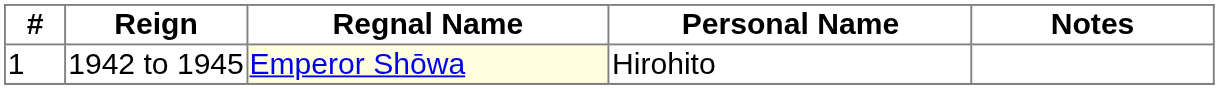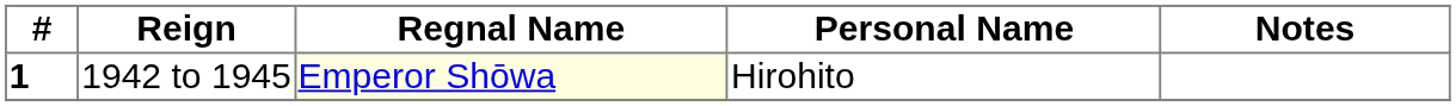 <table border="1" style="border-collapse: collapse">
 <tr>
 <th width="5%">#</th>
 <th width="15%">Reign</th>
 <th width="30%">Regnal Name</th>
 <th width="30%">Personal Name</th>
 <th width="20%">Notes</th>
 </tr>
 <tr>
-<td>1</td>
+<td><strong>1</strong></td>
 <td>1942 to 1945</td>
 <td style="background: lightyellow;"><a href='#'>Emperor Shōwa</a></td>
 <td>Hirohito</td>
 <td></td>
 </tr>
 <tr>
 </tr>
 </table>
